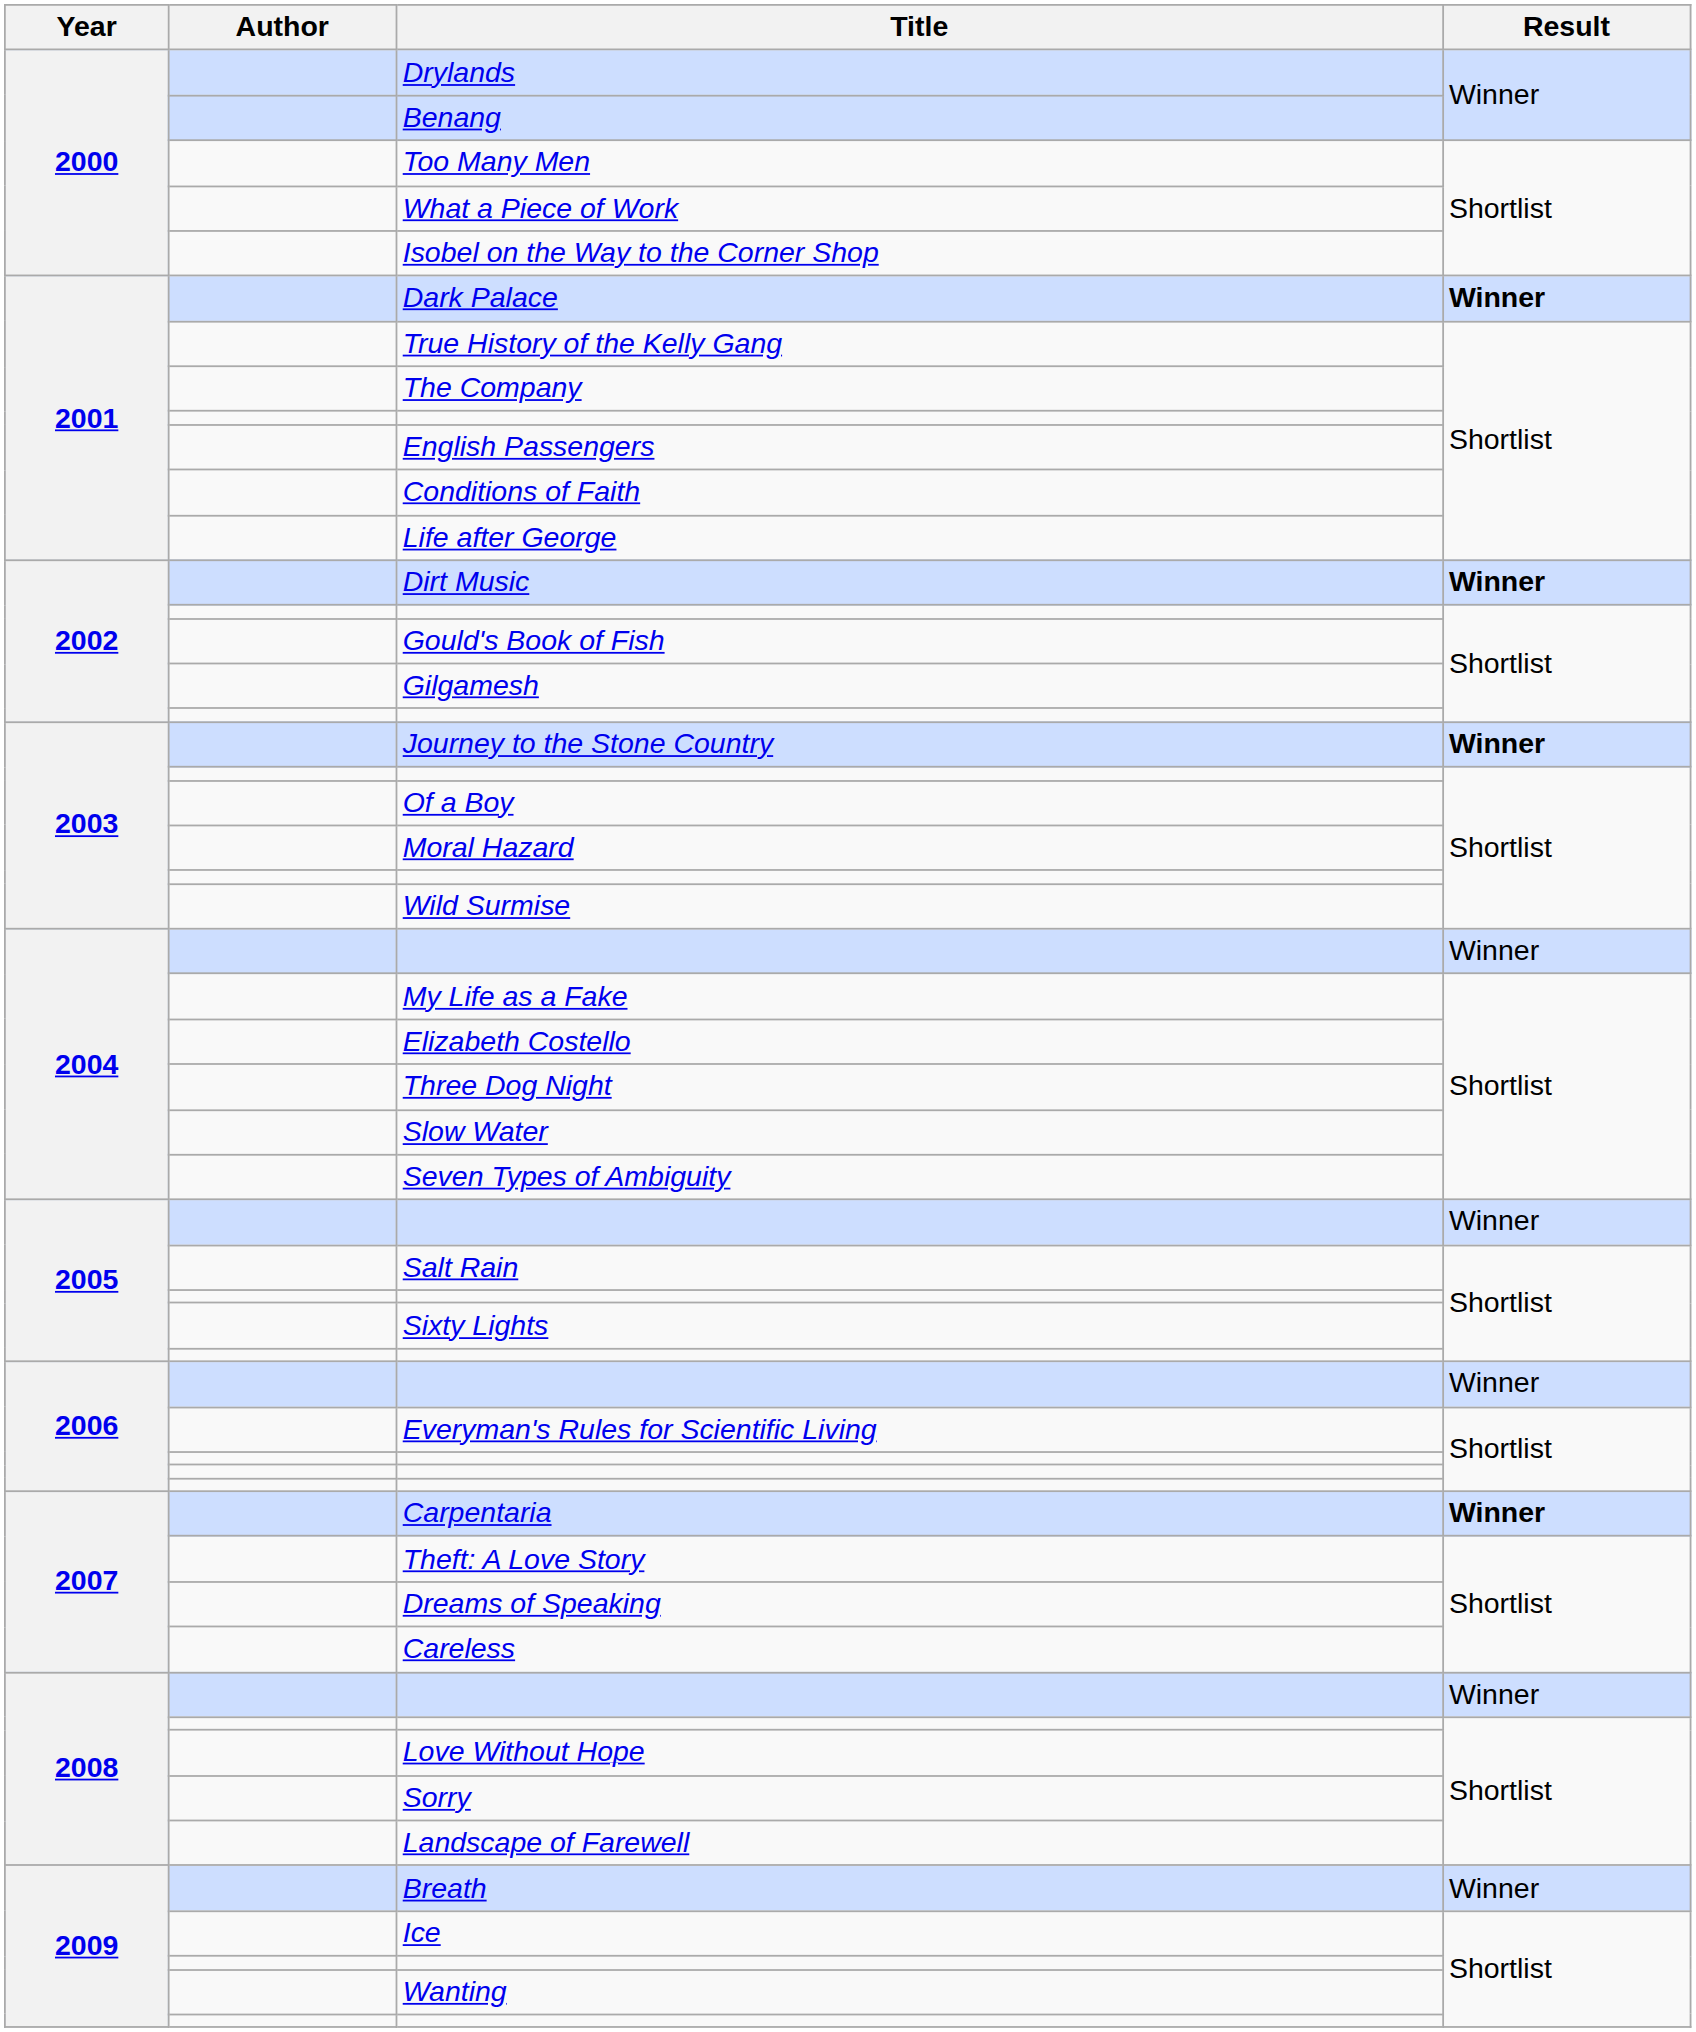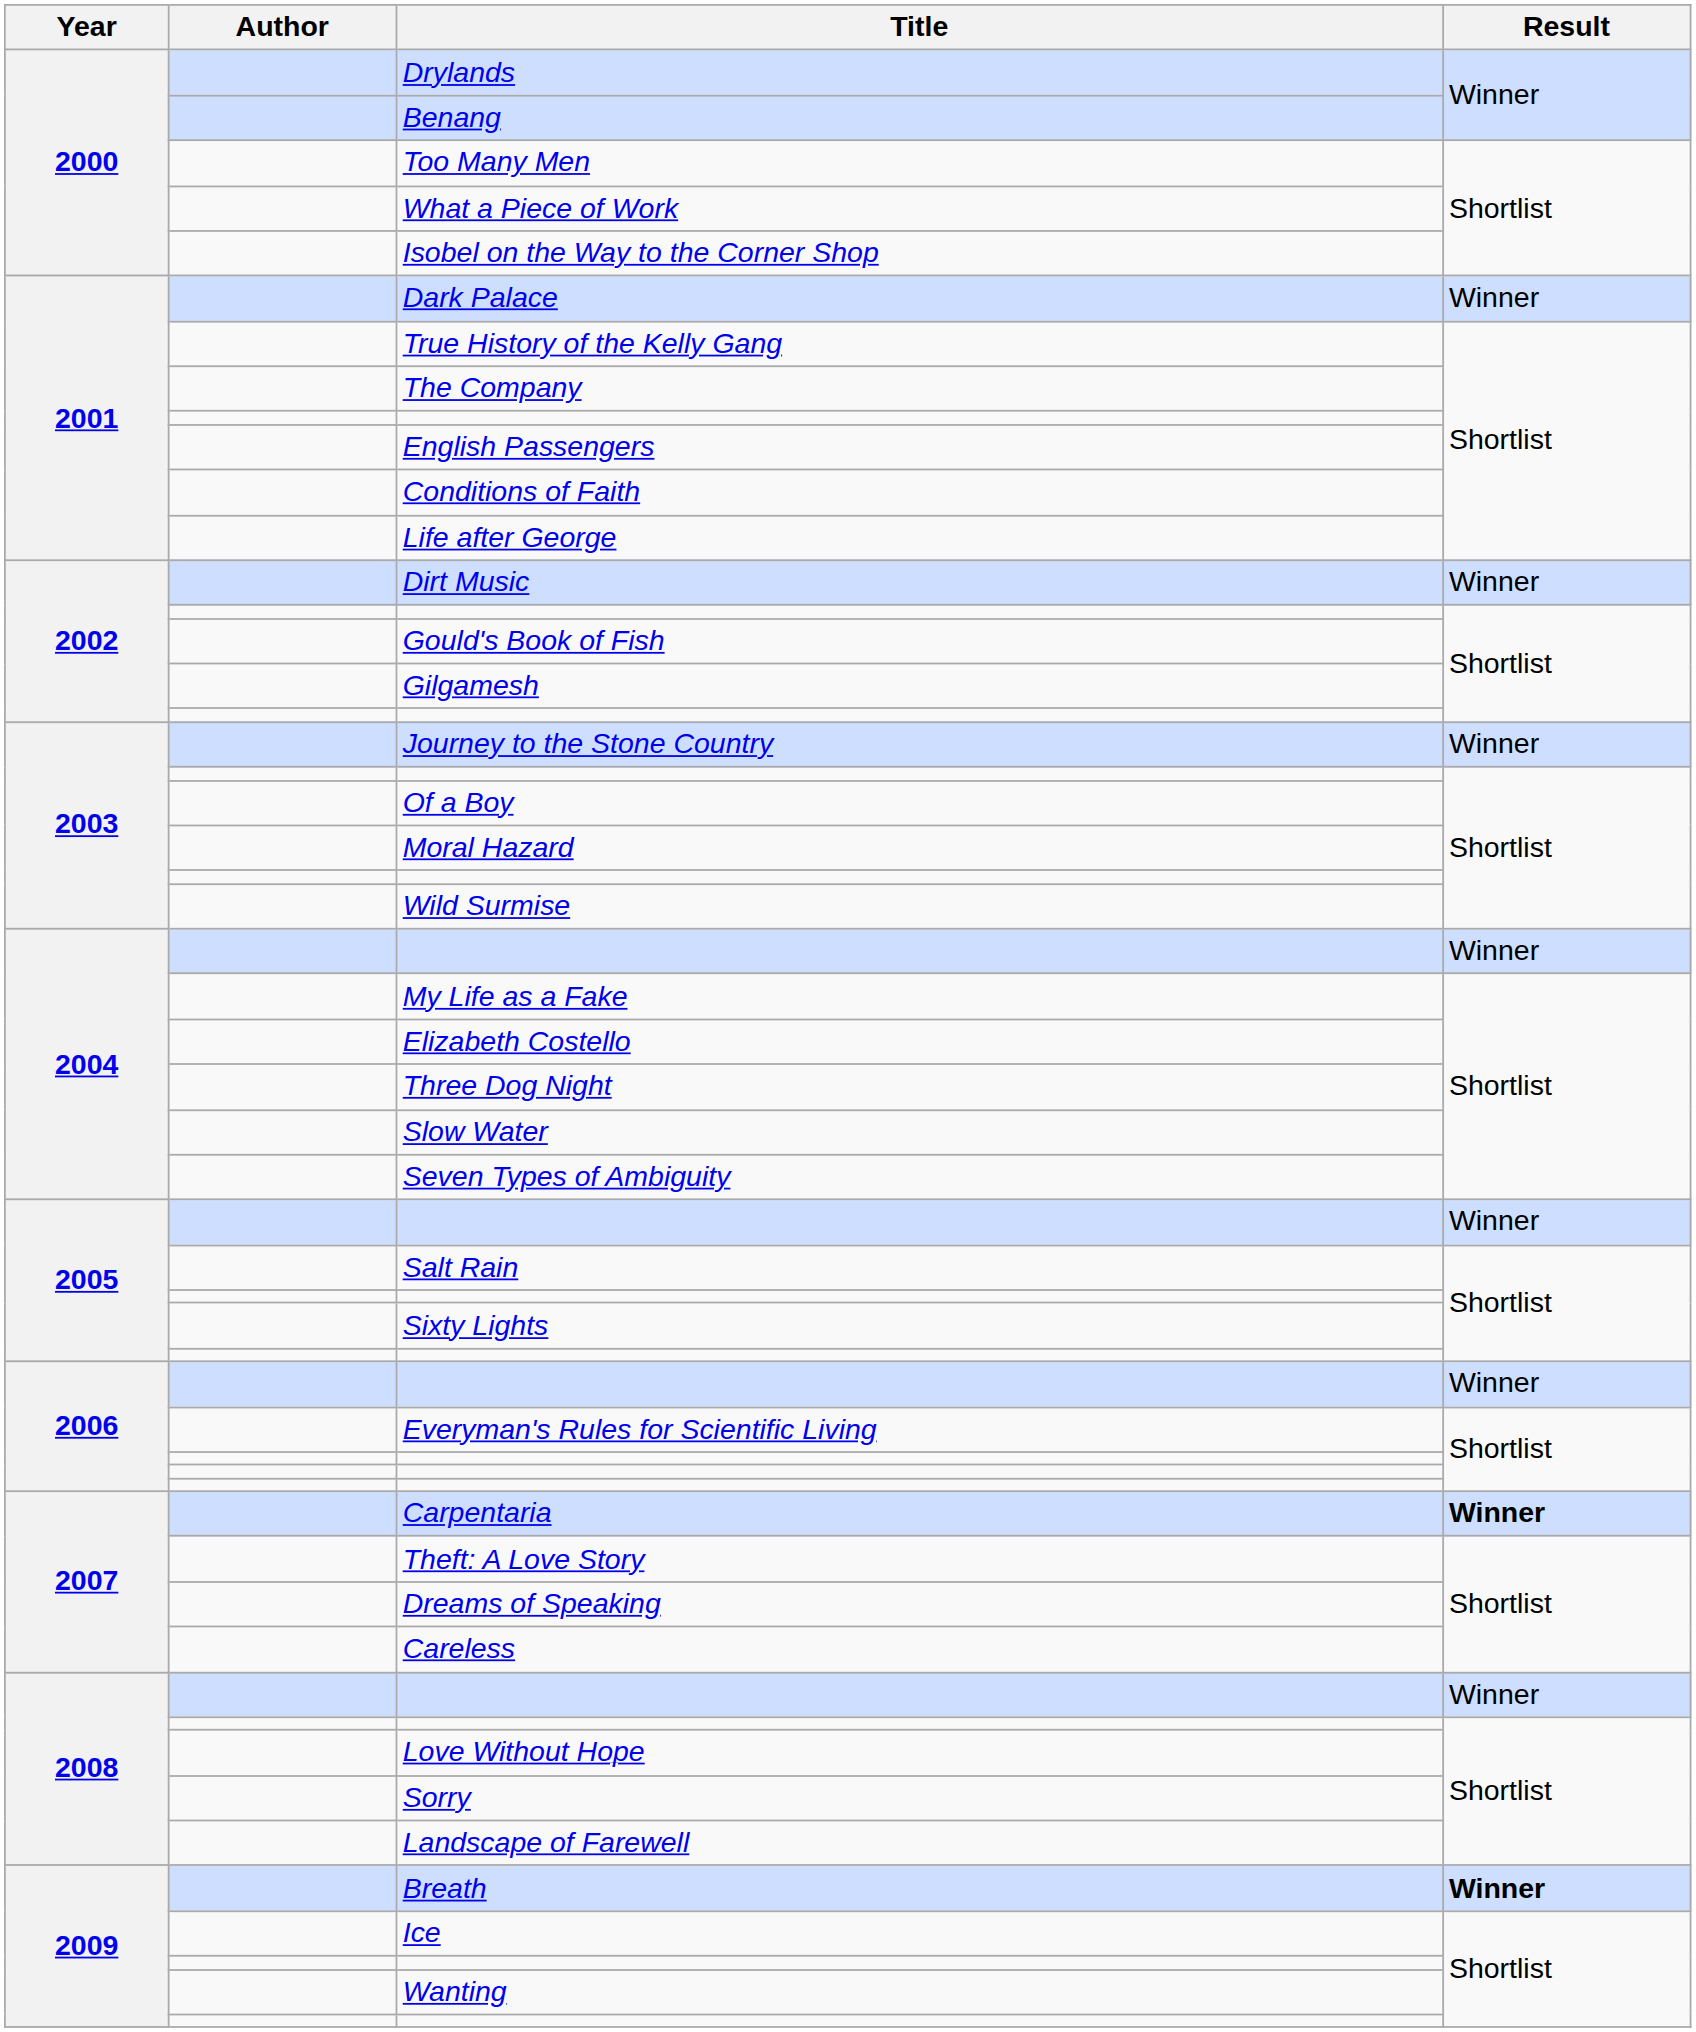 <table class="wikitable sortable mw-collapsible" width="75%">
 <tr>
 <th>Year</th>
 <th>Author</th>
 <th>Title</th>
 <th>Result</th>
 </tr>
 <tr style=background:#cddeff>
 <th rowspan="5"><a href='#'>2000</a></th>
 <td></td>
 <td><em><a href='#'>Drylands</a></em></td>
 <td rowspan="2">Winner</td>
 </tr>
 <tr style=background:#cddeff>
 <td></td>
 <td><em><a href='#'>Benang</a></em></td>
 </tr>
 <tr>
 <td></td>
 <td><em><a href='#'>Too Many Men</a></em></td>
 <td rowspan="3">Shortlist</td>
 </tr>
 <tr>
 <td></td>
 <td><em><a href='#'>What a Piece of Work</a></em></td>
 </tr>
 <tr>
 <td></td>
 <td><em><a href='#'>Isobel on the Way to the Corner Shop</a></em></td>
 </tr>
 <tr style="background:#cddeff">
 <th rowspan="7"><a href='#'>2001</a></th>
 <td></td>
 <td><em><a href='#'>Dark Palace</a></em></td>
-<td><strong>Winner</strong></td>
+<td>Winner</td>
 </tr>
 <tr>
 <td></td>
 <td><em><a href='#'>True History of the Kelly Gang</a></em></td>
 <td rowspan="6">Shortlist</td>
 </tr>
 <tr>
 <td></td>
 <td><em><a href='#'>The Company</a></em></td>
 </tr>
 <tr>
 <td></td>
 <td><em></em></td>
 </tr>
 <tr>
 <td></td>
 <td><em><a href='#'>English Passengers</a></em></td>
 </tr>
 <tr>
 <td></td>
 <td><em><a href='#'>Conditions of Faith</a></em></td>
 </tr>
 <tr>
 <td></td>
 <td><em><a href='#'>Life after George</a></em></td>
 </tr>
 <tr style=background:#cddeff>
 <th rowspan="5"><a href='#'>2002</a></th>
 <td></td>
 <td><em><a href='#'>Dirt Music</a></em></td>
-<td><strong>Winner</strong></td>
+<td>Winner</td>
 </tr>
 <tr>
 <td></td>
 <td><em></em></td>
 <td rowspan="4">Shortlist</td>
 </tr>
 <tr>
 <td></td>
 <td><em><a href='#'>Gould's Book of Fish</a></em></td>
 </tr>
 <tr>
 <td></td>
 <td><em><a href='#'>Gilgamesh</a></em></td>
 </tr>
 <tr>
 <td></td>
 <td><em></em></td>
 </tr>
 <tr style=background:#cddeff>
 <th rowspan="6"><a href='#'>2003</a></th>
 <td></td>
 <td><em><a href='#'>Journey to the Stone Country</a></em></td>
-<td><strong>Winner</strong></td>
+<td>Winner</td>
 </tr>
 <tr>
 <td></td>
 <td><em></em></td>
 <td rowspan="5">Shortlist</td>
 </tr>
 <tr>
 <td></td>
 <td><em><a href='#'>Of a Boy</a></em></td>
 </tr>
 <tr>
 <td></td>
 <td><em><a href='#'>Moral Hazard</a></em></td>
 </tr>
 <tr>
 <td></td>
 <td><em></em></td>
 </tr>
 <tr>
 <td></td>
 <td><em><a href='#'>Wild Surmise</a></em></td>
 </tr>
 <tr style=background:#cddeff>
 <th rowspan="6"><a href='#'>2004</a></th>
 <td></td>
 <td><em></em></td>
 <td>Winner</td>
 </tr>
 <tr>
 <td></td>
 <td><em><a href='#'>My Life as a Fake</a></em></td>
 <td rowspan="5">Shortlist</td>
 </tr>
 <tr>
 <td></td>
 <td><em><a href='#'>Elizabeth Costello</a></em></td>
 </tr>
 <tr>
 <td></td>
 <td><em><a href='#'>Three Dog Night</a></em></td>
 </tr>
 <tr>
 <td></td>
 <td><em><a href='#'>Slow Water</a></em></td>
 </tr>
 <tr>
 <td></td>
 <td><em><a href='#'>Seven Types of Ambiguity</a></em></td>
 </tr>
 <tr style="background:#cddeff">
 <th rowspan="5"><a href='#'>2005</a></th>
 <td></td>
 <td><em></em></td>
 <td>Winner</td>
 </tr>
 <tr>
 <td></td>
 <td><em><a href='#'>Salt Rain</a></em></td>
 <td rowspan="4">Shortlist</td>
 </tr>
 <tr>
 <td></td>
 <td><em></em></td>
 </tr>
 <tr>
 <td></td>
 <td><em><a href='#'>Sixty Lights</a></em></td>
 </tr>
 <tr>
 <td></td>
 <td><em></em></td>
 </tr>
 <tr style="background:#cddeff">
 <th rowspan="5"><a href='#'>2006</a></th>
 <td></td>
 <td><em></em></td>
 <td>Winner</td>
 </tr>
 <tr>
 <td></td>
 <td><em><a href='#'>Everyman's Rules for Scientific Living</a></em></td>
 <td rowspan="4">Shortlist</td>
 </tr>
 <tr>
 <td></td>
 <td><em></em></td>
 </tr>
 <tr>
 <td></td>
 <td><em></em></td>
 </tr>
 <tr>
 <td></td>
 <td><em></em></td>
 </tr>
 <tr style="background:#cddeff">
 <th rowspan="4"><a href='#'>2007</a></th>
 <td></td>
 <td><em><a href='#'>Carpentaria</a></em></td>
 <td><strong>Winner</strong></td>
 </tr>
 <tr>
 <td></td>
 <td><em><a href='#'>Theft: A Love Story</a></em></td>
 <td rowspan="3">Shortlist</td>
 </tr>
 <tr>
 <td></td>
 <td><em><a href='#'>Dreams of Speaking</a></em></td>
 </tr>
 <tr>
 <td></td>
 <td><em><a href='#'>Careless</a></em></td>
 </tr>
 <tr style="background:#cddeff">
 <th rowspan="5"><a href='#'>2008</a></th>
 <td></td>
 <td><em></em></td>
 <td>Winner</td>
 </tr>
 <tr>
 <td></td>
 <td><em></em></td>
 <td rowspan="4">Shortlist</td>
 </tr>
 <tr>
 <td></td>
 <td><em><a href='#'>Love Without Hope</a></em></td>
 </tr>
 <tr>
 <td></td>
 <td><em><a href='#'>Sorry</a></em></td>
 </tr>
 <tr>
 <td></td>
 <td><em><a href='#'>Landscape of Farewell</a></em></td>
 </tr>
 <tr style="background:#cddeff">
 <th rowspan="5"><a href='#'>2009</a></th>
 <td></td>
 <td><em><a href='#'>Breath</a></em></td>
-<td>Winner</td>
+<td><strong>Winner</strong></td>
 </tr>
 <tr>
 <td></td>
 <td><em><a href='#'>Ice</a></em></td>
 <td rowspan="4">Shortlist</td>
 </tr>
 <tr>
 <td></td>
 <td><em></em></td>
 </tr>
 <tr>
 <td></td>
 <td><em><a href='#'>Wanting</a></em></td>
 </tr>
 <tr>
 <td></td>
 <td><em></em></td>
 </tr>
 </table>
